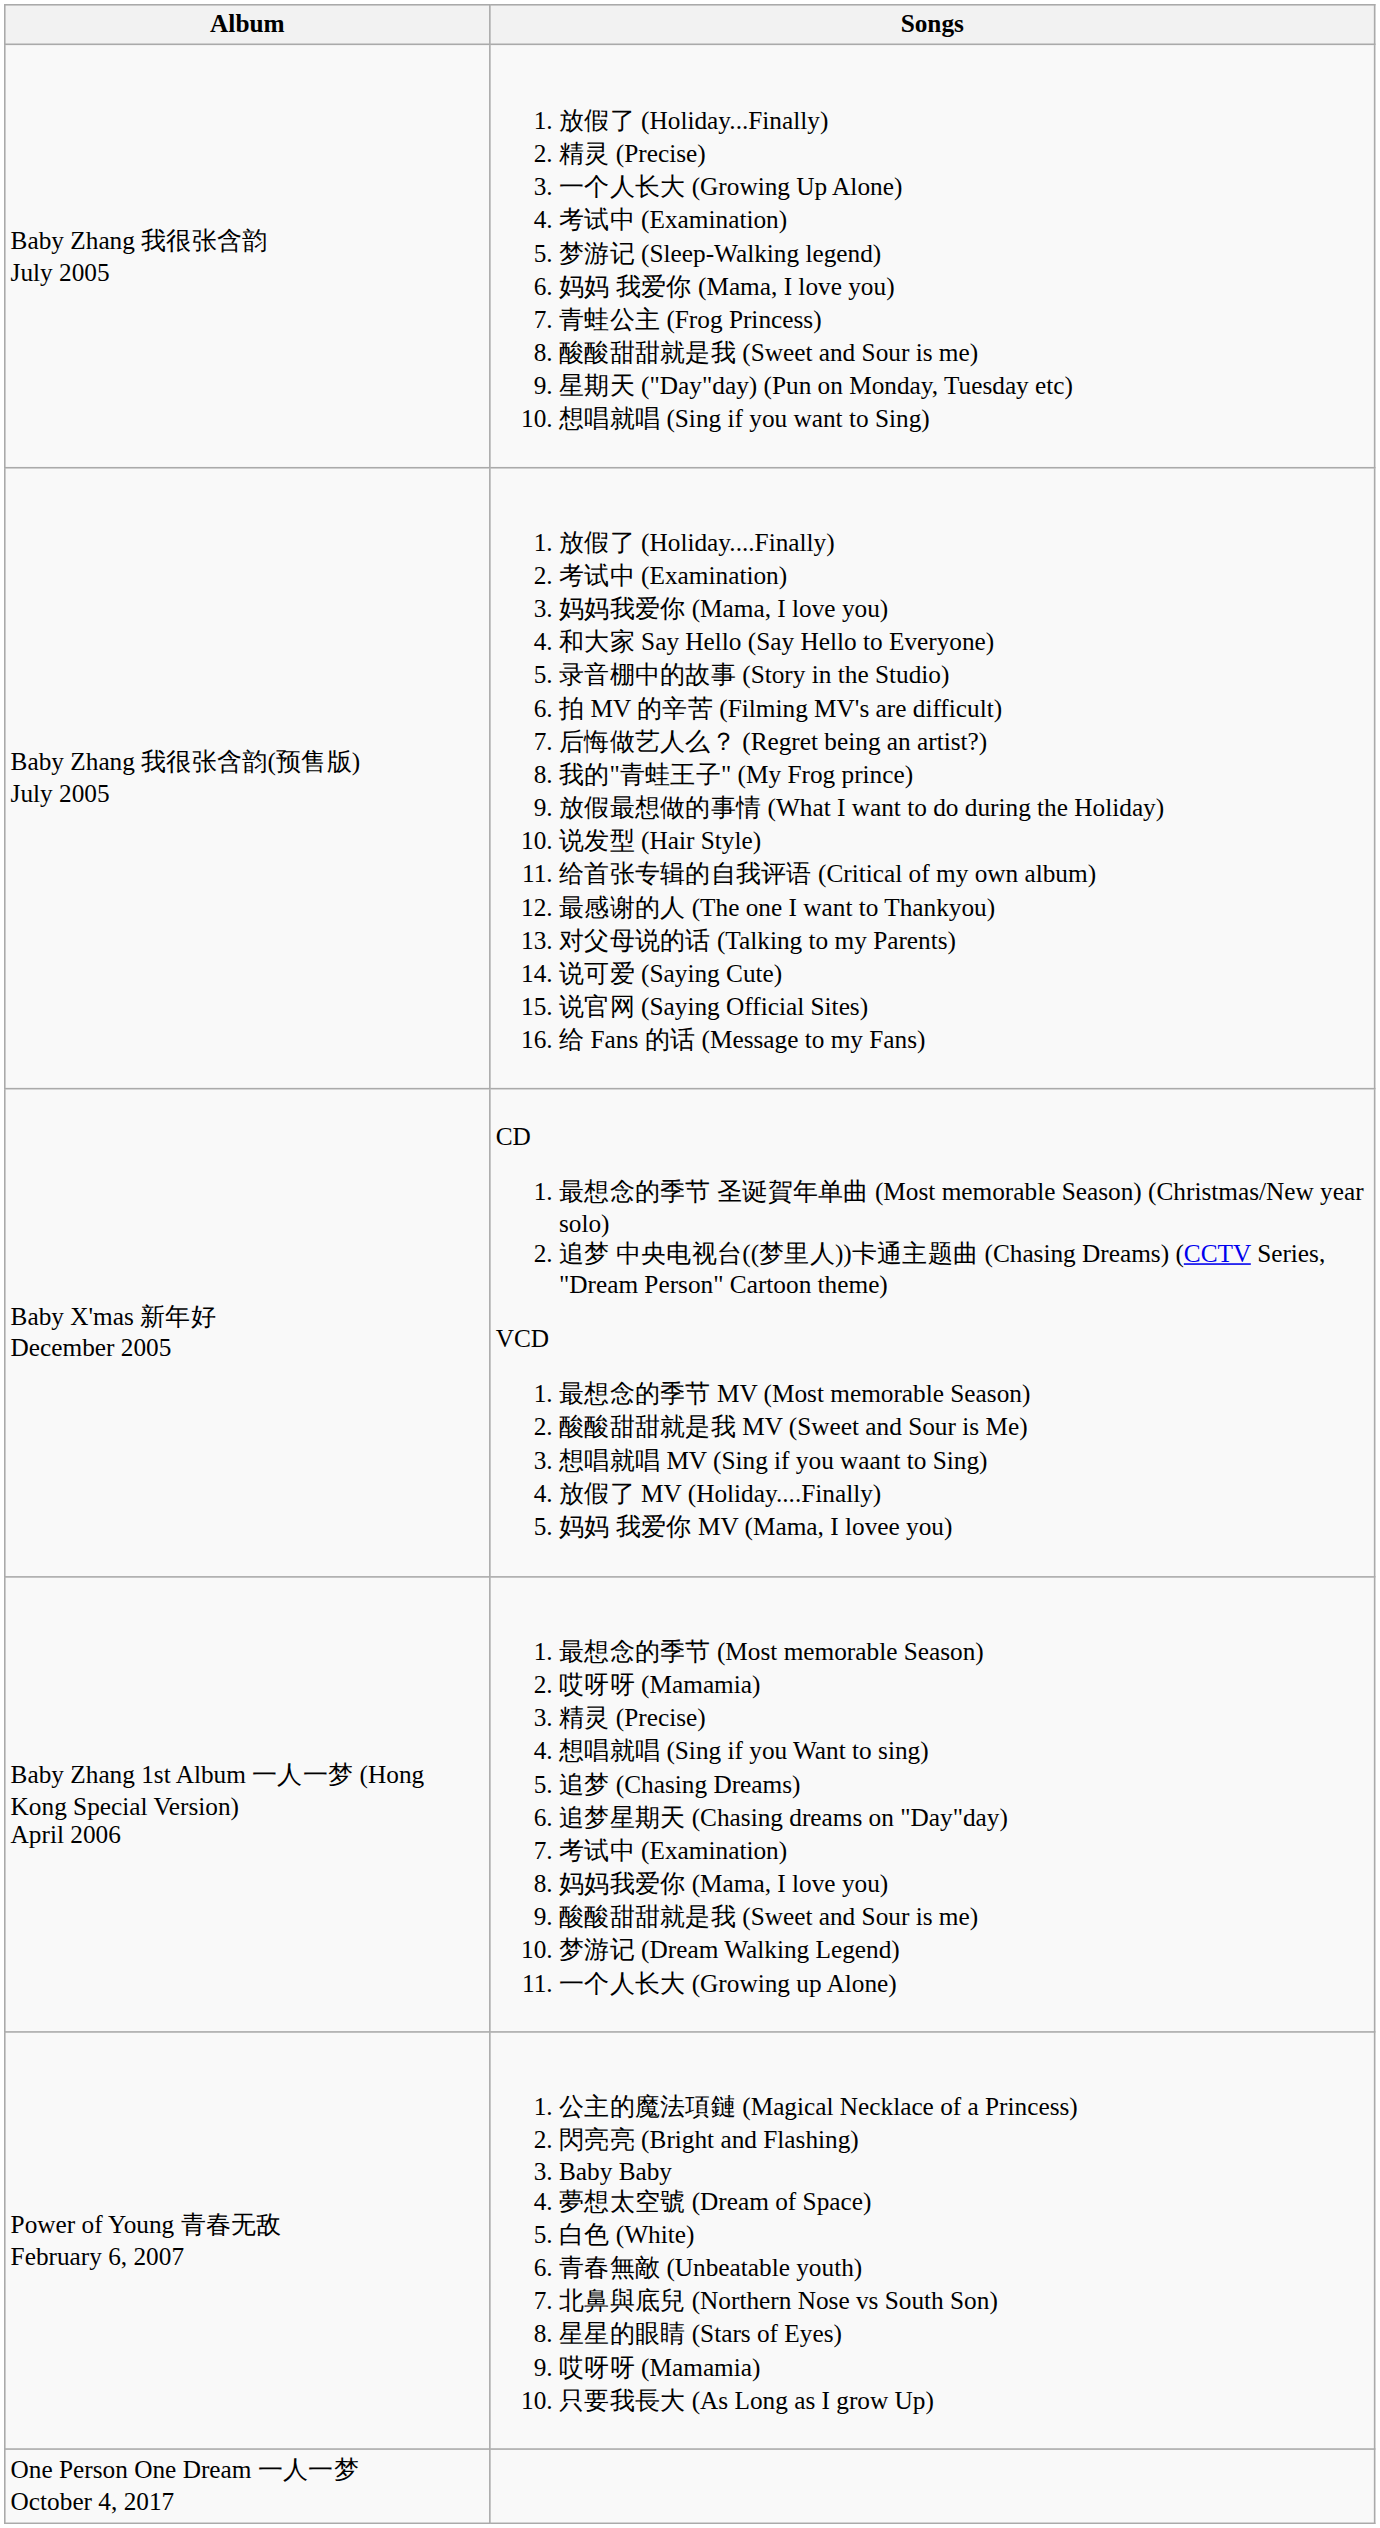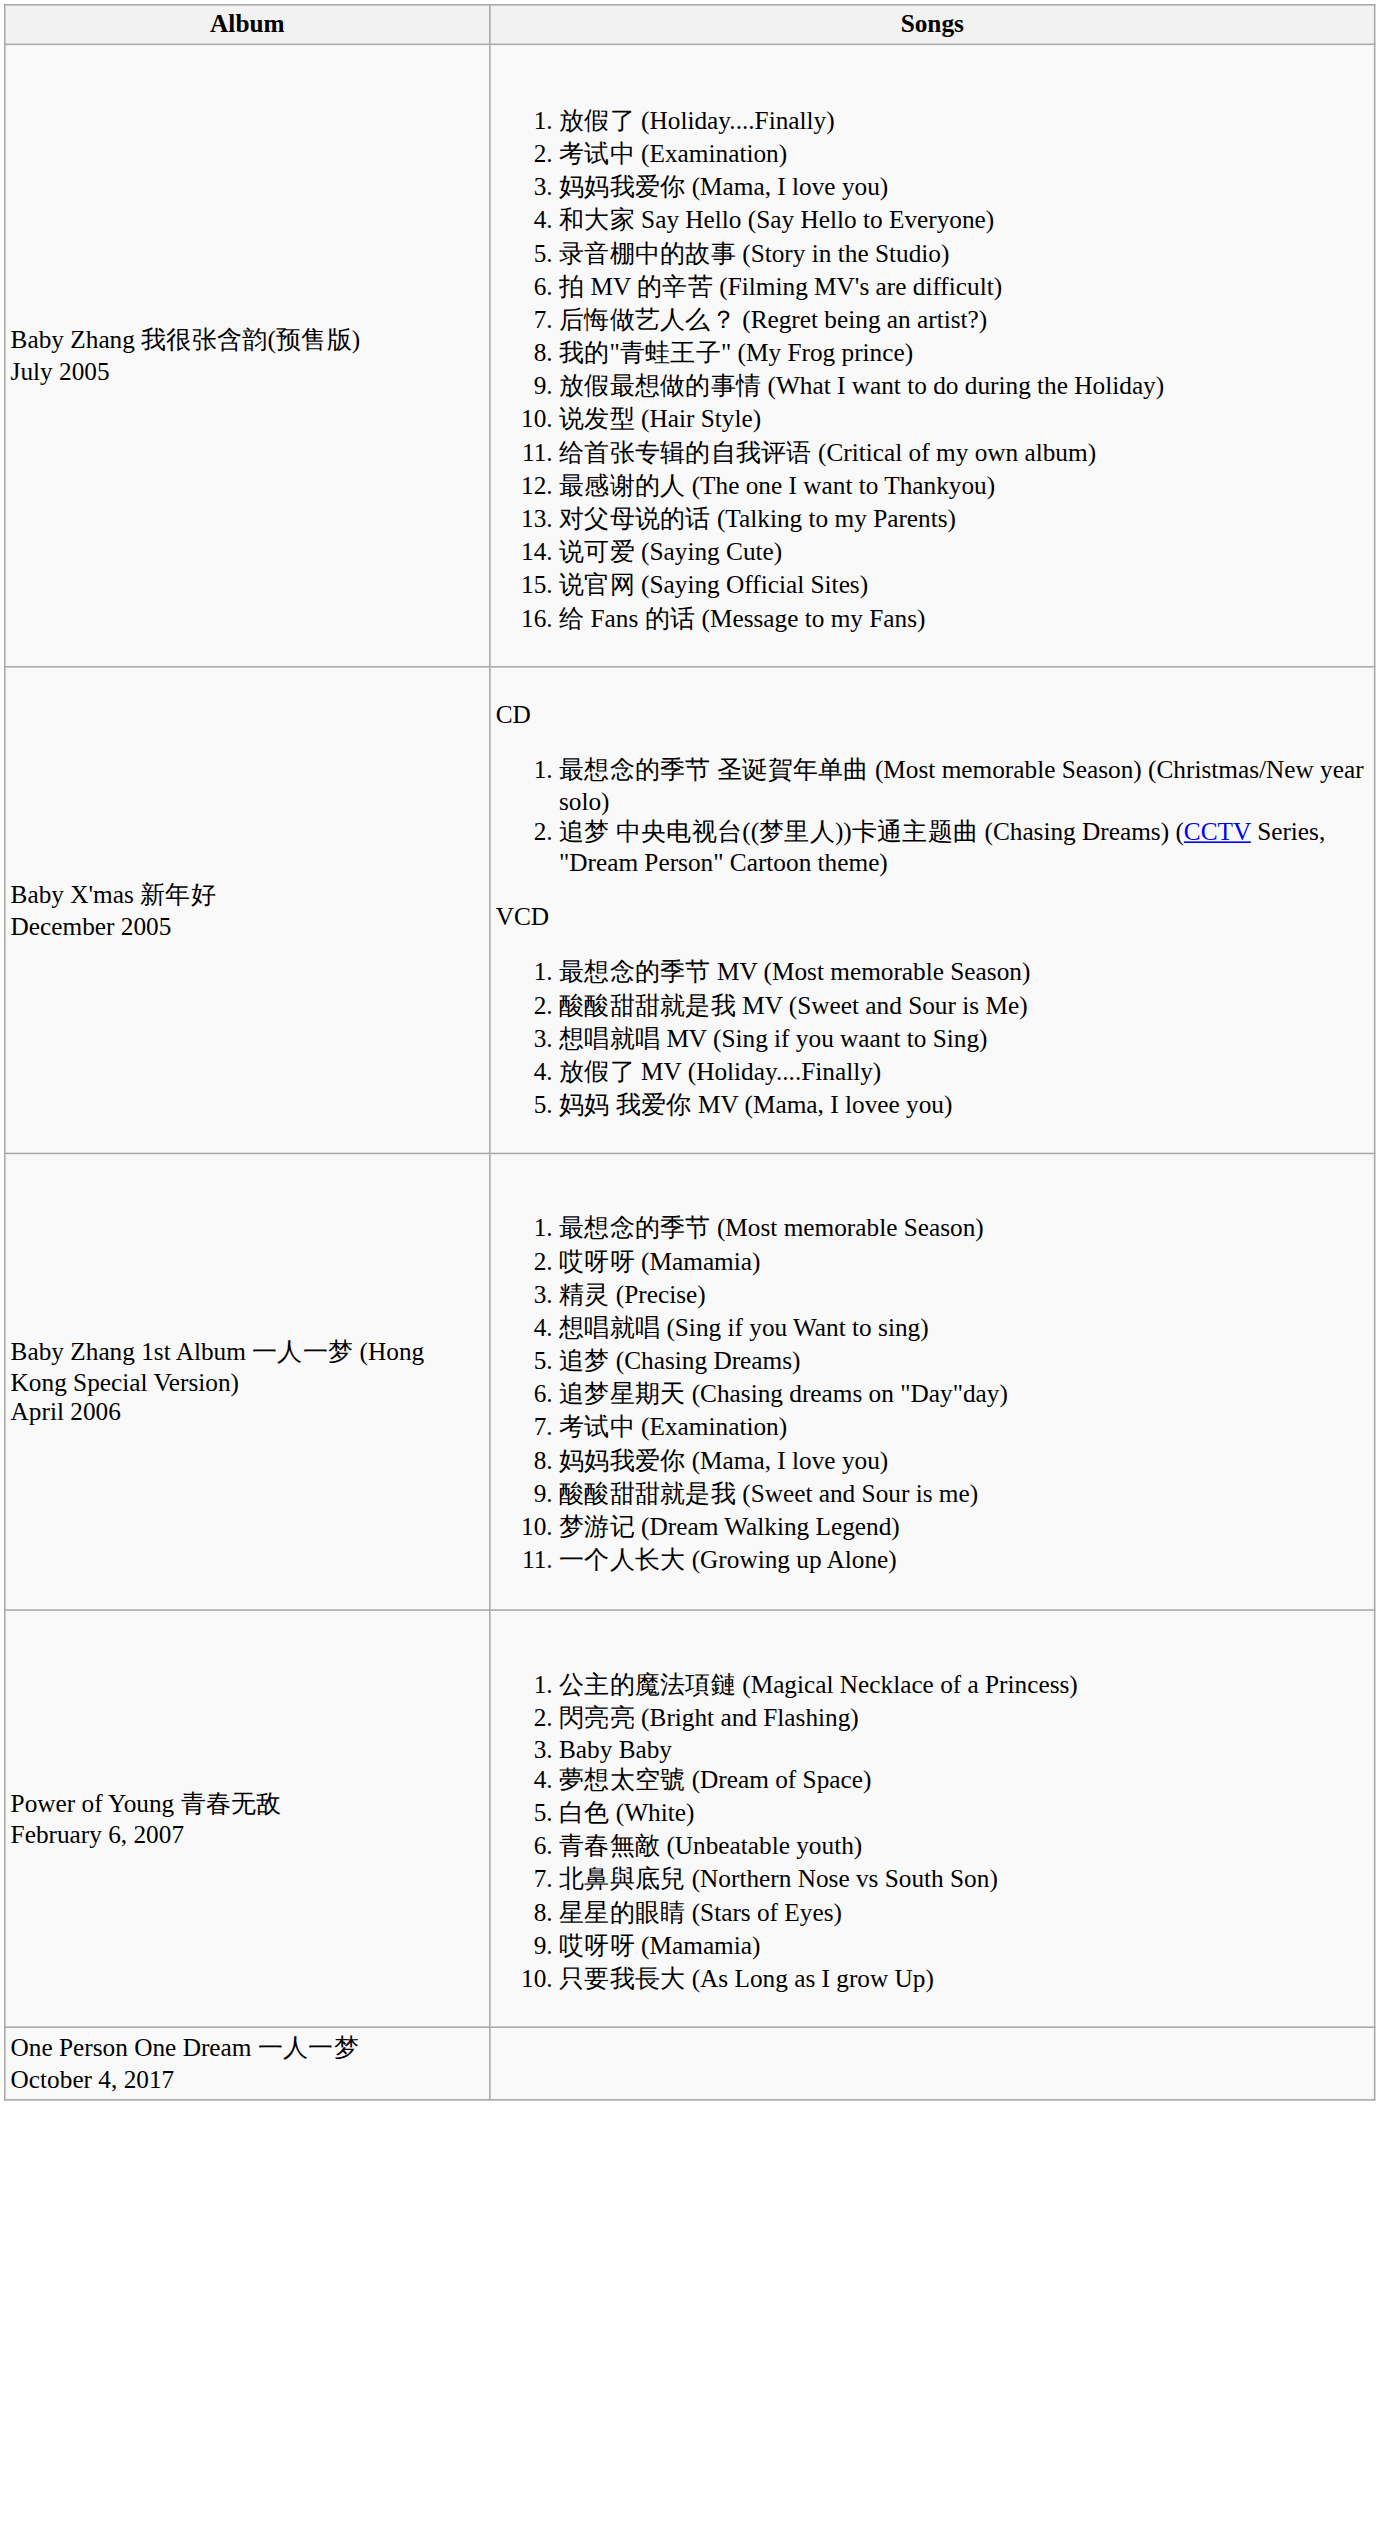 <table class="wikitable">
 <tr>
 <th>Album</th>
 <th>Songs</th>
-</tr>
-<tr>
-<td>Baby Zhang 我很张含韵 <br> July 2005</td>
-<td><br><ol><li>放假了 (Holiday...Finally)</li><li>精灵 (Precise)</li><li>一个人长大 (Growing Up Alone)</li><li>考试中 (Examination)</li><li>梦游记 (Sleep-Walking legend)</li><li>妈妈 我爱你 (Mama, I love you)</li><li>青蛙公主 (Frog Princess)</li><li>酸酸甜甜就是我 (Sweet and Sour is me)</li><li>星期天 ("Day"day) (Pun on Monday, Tuesday etc)</li><li>想唱就唱 (Sing if you want to Sing)</li></ol></td>
 </tr>
 <tr>
 <td>Baby Zhang 我很张含韵(预售版) <br> July 2005</td>
 <td><br><ol><li>放假了 (Holiday....Finally)</li><li>考试中 (Examination)</li><li>妈妈我爱你 (Mama, I love you)</li><li>和大家 Say Hello (Say Hello to Everyone)</li><li>录音棚中的故事 (Story in the Studio)</li><li>拍 MV 的辛苦 (Filming MV's are difficult)</li><li>后悔做艺人么？ (Regret being an artist?)</li><li>我的"青蛙王子" (My Frog prince)</li><li>放假最想做的事情 (What I want to do during the Holiday)</li><li>说发型 (Hair Style)</li><li>给首张专辑的自我评语 (Critical of my own album)</li><li>最感谢的人 (The one I want to Thankyou)</li><li>对父母说的话 (Talking to my Parents)</li><li>说可爱 (Saying Cute)</li><li>说官网 (Saying Official Sites)</li><li>给 Fans 的话 (Message to my Fans)</li></ol></td>
 </tr>
 <tr>
 <td>Baby X'mas 新年好 <br> December 2005</td>
 <td><br>CD<ol><li>最想念的季节 圣诞賀年单曲 (Most memorable Season) (Christmas/New year solo)</li><li>追梦 中央电视台((梦里人))卡通主题曲 (Chasing Dreams) (<a href='#'>CCTV</a> Series, "Dream Person" Cartoon theme)</li></ol>VCD<ol><li>最想念的季节 MV (Most memorable Season)</li><li>酸酸甜甜就是我 MV (Sweet and Sour is Me)</li><li>想唱就唱 MV (Sing if you waant to Sing)</li><li>放假了 MV (Holiday....Finally)</li><li>妈妈 我爱你 MV (Mama, I lovee you)</li></ol></td>
 </tr>
 <tr>
 <td>Baby Zhang 1st Album 一人一梦 (Hong Kong Special Version) <br> April 2006</td>
 <td><br><ol><li>最想念的季节 (Most memorable Season)</li><li>哎呀呀 (Mamamia)</li><li>精灵 (Precise)</li><li>想唱就唱 (Sing if you Want to sing)</li><li>追梦 (Chasing Dreams)</li><li>追梦星期天 (Chasing dreams on "Day"day)</li><li>考试中 (Examination)</li><li>妈妈我爱你 (Mama, I love you)</li><li>酸酸甜甜就是我 (Sweet and Sour is me)</li><li>梦游记 (Dream Walking Legend)</li><li>一个人长大 (Growing up Alone)</li></ol></td>
 </tr>
 <tr>
 <td>Power of Young 青春无敌<br> February 6, 2007</td>
 <td><br><ol><li>公主的魔法項鏈 (Magical Necklace of a Princess)</li><li>閃亮亮 (Bright and Flashing)</li><li>Baby Baby</li><li>夢想太空號 (Dream of Space)</li><li>白色 (White)</li><li>青春無敵 (Unbeatable youth)</li><li>北鼻與底兒 (Northern Nose vs South Son)</li><li>星星的眼睛 (Stars of Eyes)</li><li>哎呀呀 (Mamamia)</li><li>只要我長大 (As Long as I grow Up)</li></ol></td>
 </tr>
 <tr>
 <td>One Person One Dream 一人一梦<br> October 4, 2017</td>
 <td></td>
 </tr>
 </table>
